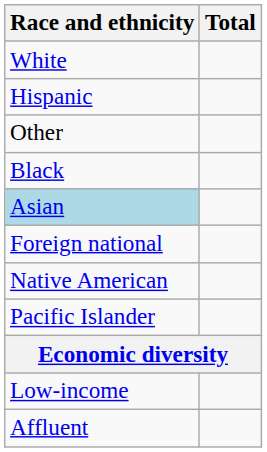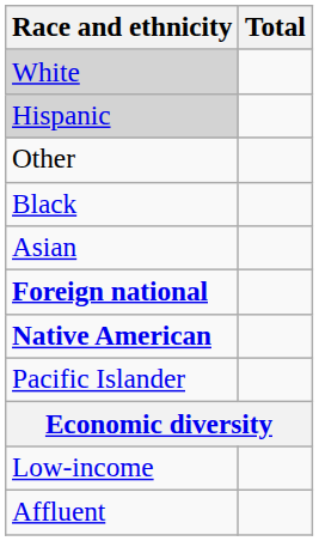 <table class="wikitable floatright sortable collapsible"; text-align:right; font-size:80%;">
 <tr>
 <th>Race and ethnicity</th>
 <th colspan="2" data-sort-type=number>Total</th>
 </tr>
 <tr>
-<td><a href='#'>White</a></td>
+<td style="background: lightgrey;"><a href='#'>White</a></td>
 <td align=right></td>
 </tr>
 <tr>
-<td><a href='#'>Hispanic</a></td>
+<td style="background: lightgrey;"><a href='#'>Hispanic</a></td>
 <td align=right></td>
 </tr>
 <tr>
 <td>Other</td>
 <td align=right></td>
 </tr>
 <tr>
 <td><a href='#'>Black</a></td>
 <td align=right></td>
 </tr>
 <tr>
-<td style="background: lightblue;"><a href='#'>Asian</a></td>
+<td><a href='#'>Asian</a></td>
 <td align=right></td>
 </tr>
 <tr>
-<td><a href='#'>Foreign national</a></td>
+<td><strong><a href='#'>Foreign national</a></strong></td>
 <td align=right></td>
 </tr>
 <tr>
-<td><a href='#'>Native American</a></td>
+<td><strong><a href='#'>Native American</a></strong></td>
 <td align=right></td>
 </tr>
 <tr>
 <td><a href='#'>Pacific Islander</a></td>
 <td align=right></td>
 </tr>
 <tr>
 <th colspan="4" data-sort-type=number><a href='#'>Economic diversity</a></th>
 </tr>
 <tr>
 <td><a href='#'>Low-income</a></td>
 <td align=right></td>
 </tr>
 <tr>
 <td><a href='#'>Affluent</a></td>
 <td align=right></td>
 </tr>
 </table>
